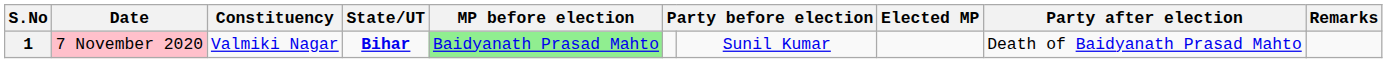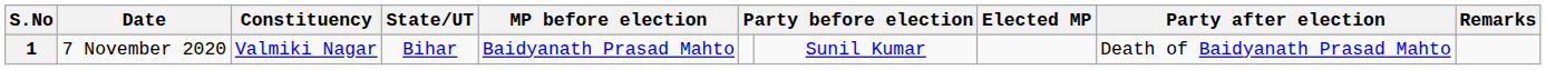 <table class="wikitable sortable" style="text-align:center;">
 <tr>
 <th>S.No</th>
 <th>Date</th>
 <th>Constituency</th>
 <th>State/UT</th>
 <th>MP before election</th>
 <th colspan="2">Party before election</th>
 <th>Elected MP</th>
 <th colspan="2">Party after election</th>
 <th>Remarks</th>
 </tr>
 <tr>
 <th>1</th>
-<td style="background: pink;">7 November 2020</td>
+<td>7 November 2020</td>
 <td><a href='#'>Valmiki Nagar</a></td>
-<td><strong><a href='#'>Bihar</a></strong></td>
-<td style="background: lightgreen;"><a href='#'>Baidyanath Prasad Mahto</a></td>
+<td><a href='#'>Bihar</a></td>
+<td><a href='#'>Baidyanath Prasad Mahto</a></td>
 <td></td>
 <td><a href='#'>Sunil Kumar</a></td>
 <td></td>
 <td>Death of <a href='#'>Baidyanath Prasad Mahto</a></td>
 </tr>
 </table>
